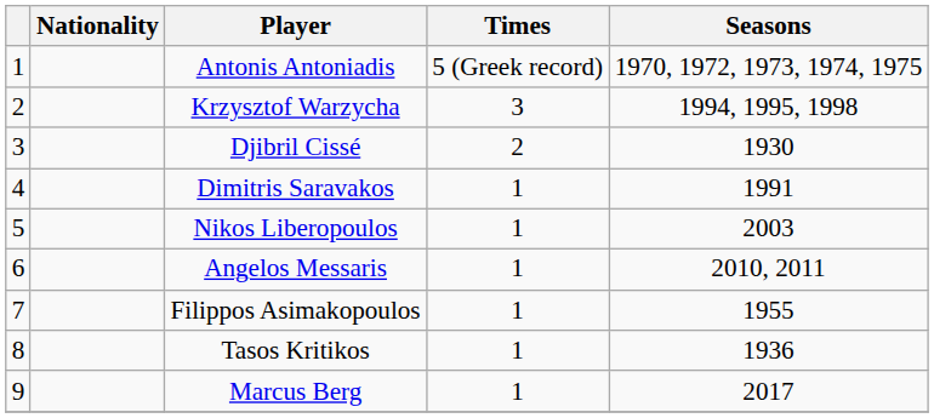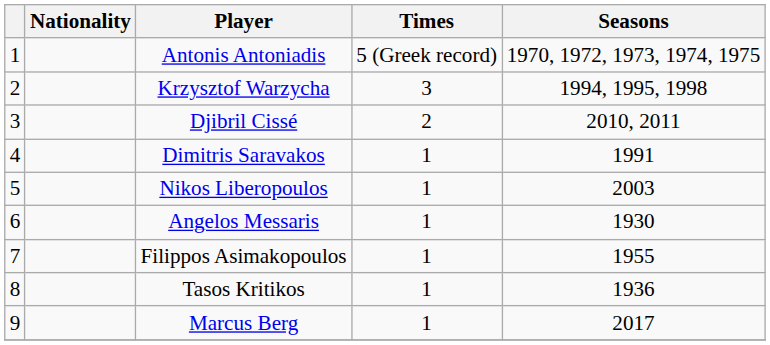 <table class="wikitable" style="text-align:center;margin-left:1em">
 <tr>
 <th></th>
 <th>Nationality</th>
 <th>Player</th>
 <th>Times</th>
 <th>Seasons</th>
 </tr>
 <tr>
 <td>1</td>
 <td></td>
 <td><a href='#'>Antonis Antoniadis</a></td>
 <td align="center" 1>5 (Greek record)</td>
 <td>1970, 1972, 1973, 1974, 1975</td>
 </tr>
 <tr>
 <td>2</td>
 <td></td>
 <td><a href='#'>Krzysztof Warzycha</a></td>
 <td align="center" 1>3</td>
 <td>1994, 1995, 1998</td>
 </tr>
 <tr>
 <td>3</td>
 <td></td>
 <td><a href='#'>Djibril Cissé</a></td>
 <td align="center" 1>2</td>
-<td>1930</td>
+<td>2010, 2011</td>
 </tr>
 <tr>
 <td>4</td>
 <td></td>
 <td><a href='#'>Dimitris Saravakos</a></td>
 <td align="center" 1>1</td>
 <td>1991</td>
 </tr>
 <tr>
 <td>5</td>
 <td></td>
 <td><a href='#'>Nikos Liberopoulos</a></td>
 <td align="center" 1>1</td>
 <td>2003</td>
 </tr>
 <tr>
 <td>6</td>
 <td></td>
 <td><a href='#'>Angelos Messaris</a></td>
 <td align="center" 1>1</td>
-<td>2010, 2011</td>
+<td>1930</td>
 </tr>
 <tr>
 <td>7</td>
 <td></td>
 <td>Filippos Asimakopoulos</td>
 <td align="center" 1>1</td>
 <td>1955</td>
 </tr>
 <tr>
 <td>8</td>
 <td></td>
 <td>Tasos Kritikos</td>
 <td align="center" 1>1</td>
 <td>1936</td>
 </tr>
 <tr>
 <td>9</td>
 <td></td>
 <td><a href='#'>Marcus Berg</a></td>
 <td align="center" 1>1</td>
 <td>2017</td>
 </tr>
 <tr>
 </tr>
 </table>
